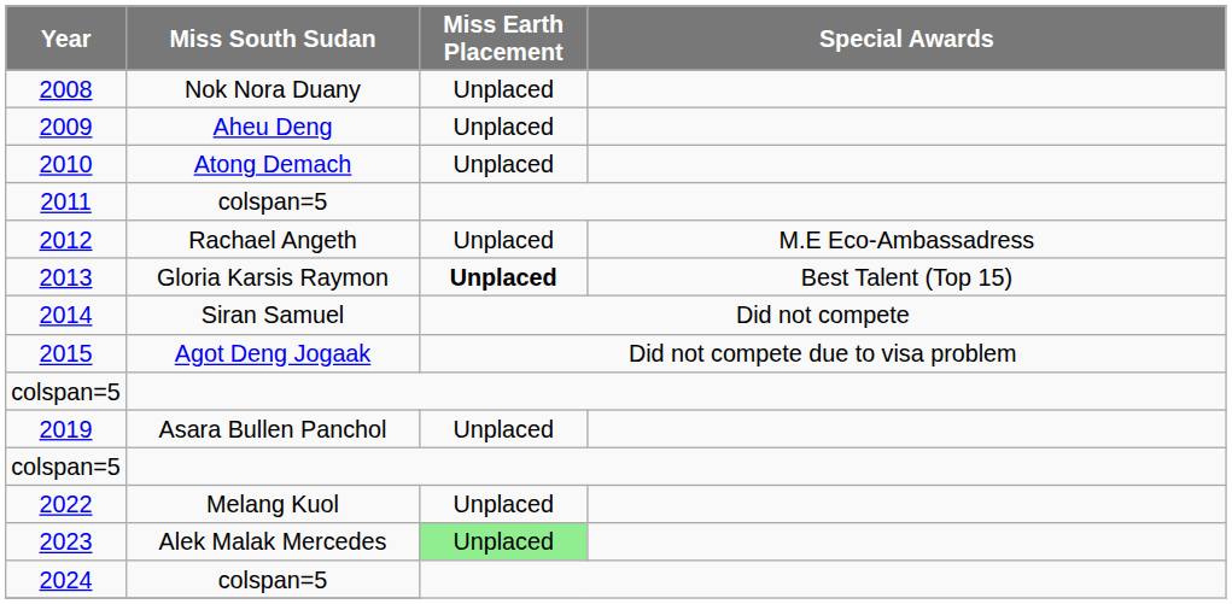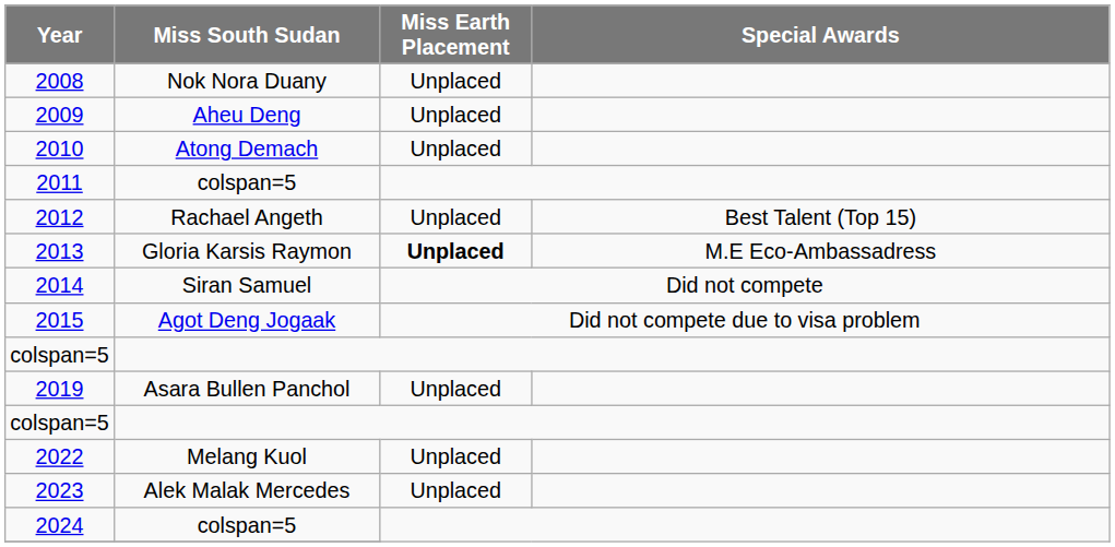 <table class="wikitable sortable" style="font-size: 95%; text-align:center">
 <tr>
 <th width="60" style="background-color:#787878;color:#FFFFFF;">Year</th>
 <th width="180" style="background-color:#787878;color:#FFFFFF;">Miss South Sudan</th>
 <th width="100" style="background-color:#787878;color:#FFFFFF;">Miss Earth Placement</th>
 <th width="400" style="background-color:#787878;color:#FFFFFF;">Special Awards</th>
 </tr>
 <tr>
 <td><a href='#'>2008</a></td>
 <td>Nok Nora Duany</td>
 <td>Unplaced</td>
 <td></td>
 </tr>
 <tr>
 <td><a href='#'>2009</a></td>
 <td><a href='#'>Aheu Deng</a></td>
 <td>Unplaced</td>
 <td></td>
 </tr>
 <tr>
 <td><a href='#'>2010</a></td>
 <td><a href='#'>Atong Demach</a></td>
 <td>Unplaced</td>
 <td></td>
 </tr>
 <tr>
 <td><a href='#'>2011</a></td>
 <td>colspan=5 </td>
 </tr>
 <tr>
 <td><a href='#'>2012</a></td>
 <td>Rachael Angeth</td>
 <td>Unplaced</td>
-<td> M.E Eco-Ambassadress</td>
+<td>Best Talent (Top 15)</td>
 </tr>
 <tr>
 <td><a href='#'>2013</a></td>
 <td>Gloria Karsis Raymon </td>
 <td><strong>Unplaced</strong></td>
-<td>Best Talent (Top 15)</td>
+<td> M.E Eco-Ambassadress</td>
 </tr>
 <tr>
 <td><a href='#'>2014</a></td>
 <td>Siran Samuel</td>
 <td colspan="2" align=center>Did not compete</td>
 </tr>
 <tr>
 <td><a href='#'>2015</a></td>
 <td><a href='#'>Agot Deng Jogaak</a></td>
 <td colspan="2" align=center>Did not compete due to visa problem</td>
 </tr>
 <tr>
 <td>colspan=5 </td>
 </tr>
 <tr>
 <td><a href='#'>2019</a></td>
 <td>Asara Bullen Panchol</td>
 <td>Unplaced</td>
 <td></td>
 </tr>
 <tr>
 <td>colspan=5 </td>
 </tr>
 <tr>
 <td><a href='#'>2022</a></td>
 <td>Melang Kuol</td>
 <td>Unplaced</td>
 <td></td>
 </tr>
 <tr>
 <td><a href='#'>2023</a></td>
 <td>Alek Malak Mercedes</td>
-<td style="background: lightgreen;">Unplaced</td>
+<td>Unplaced</td>
 <td></td>
 </tr>
 <tr>
 <td><a href='#'>2024</a></td>
 <td>colspan=5 </td>
 </tr>
 <tr>
 </tr>
 </table>
